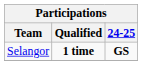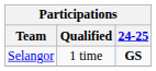 <table class="wikitable">
 <tr>
 <th colspan=3>Participations</th>
 </tr>
 <tr>
 <th>Team</th>
 <th>Qualified</th>
 <th><a href='#'>24-25</a></th>
 </tr>
 <tr align=center>
 <td align=left><a href='#'>Selangor</a></td>
-<td><strong>1 time</strong></td>
+<td>1 time</td>
 <td><strong>GS</strong></td>
 </tr>
 <tr>
 </tr>
 </table>
